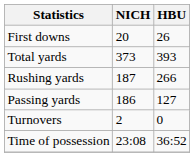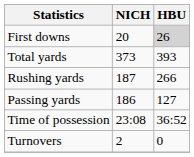 <table class="wikitable">
 <tr>
 <th>Statistics</th>
 <th>NICH</th>
 <th>HBU</th>
 </tr>
 <tr>
 <td>First downs</td>
 <td>20</td>
-<td>26</td>
+<td style="background: lightgrey;">26</td>
 </tr>
 <tr>
 <td>Total yards</td>
 <td>373</td>
 <td>393</td>
 </tr>
 <tr>
 <td>Rushing yards</td>
 <td>187</td>
 <td>266</td>
 </tr>
 <tr>
 <td>Passing yards</td>
 <td>186</td>
 <td>127</td>
 </tr>
 <tr>
+<td>Time of possession</td>
+<td>23:08</td>
+<td>36:52</td>
+</tr>
+<tr>
 <td>Turnovers</td>
 <td>2</td>
 <td>0</td>
 </tr>
 <tr>
-<td>Time of possession</td>
-<td>23:08</td>
-<td>36:52</td>
-</tr>
-<tr>
 </tr>
 </table>
